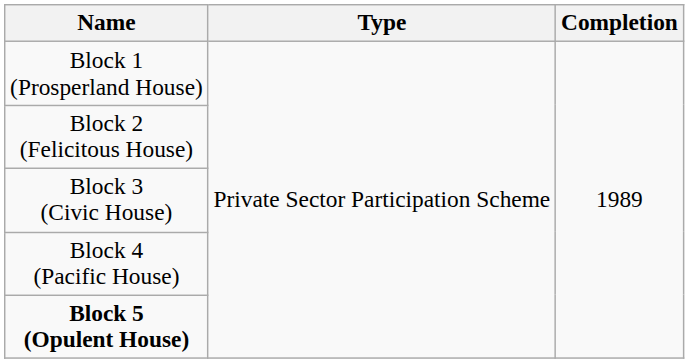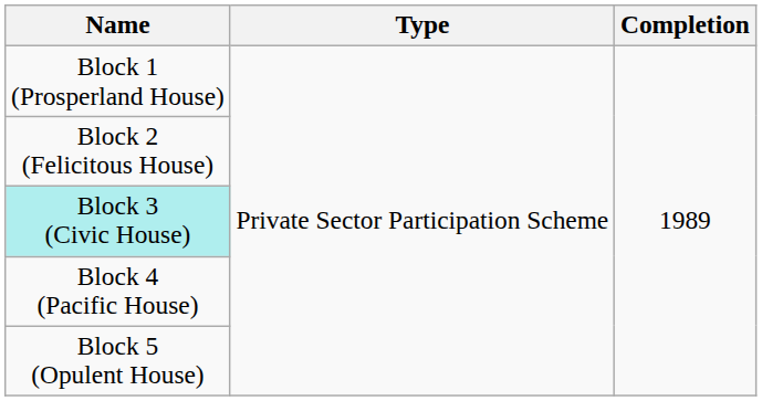 <table class="wikitable" style="text-align: center">
 <tr>
 <th>Name</th>
 <th>Type</th>
 <th>Completion</th>
 </tr>
 <tr>
 <td>Block 1<br>(Prosperland House)</td>
 <td rowspan="5">Private Sector Participation Scheme</td>
 <td rowspan="5">1989</td>
 </tr>
 <tr>
 <td>Block 2<br>(Felicitous House)</td>
 </tr>
 <tr>
-<td>Block 3<br>(Civic House)</td>
+<td style="background: paleturquoise;">Block 3<br>(Civic House)</td>
 </tr>
 <tr>
 <td>Block 4<br>(Pacific House)</td>
 </tr>
 <tr>
-<td><strong>Block 5<br>(Opulent House)</strong></td>
+<td>Block 5<br>(Opulent House)</td>
 </tr>
 </table>
